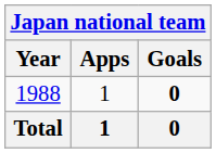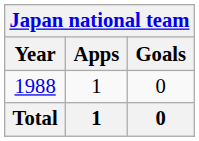 <table class="wikitable" style="text-align:center">
 <tr>
 <th colspan=3><a href='#'>Japan national team</a></th>
 </tr>
 <tr>
 <th>Year</th>
 <th>Apps</th>
 <th>Goals</th>
 </tr>
 <tr>
 <td><a href='#'>1988</a></td>
 <td>1</td>
-<td><strong>0</strong></td>
+<td>0</td>
 </tr>
 <tr>
 <th>Total</th>
 <th>1</th>
 <th>0</th>
 </tr>
 </table>
